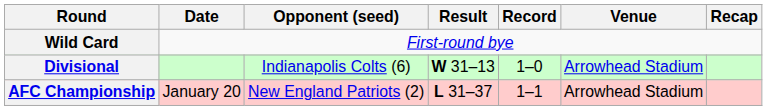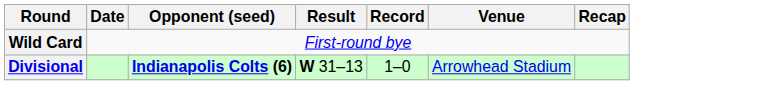 <table class="wikitable" style="text-align:center">
 <tr>
 <th>Round</th>
 <th>Date</th>
 <th>Opponent (seed)</th>
 <th>Result</th>
 <th>Record</th>
 <th>Venue</th>
 <th>Recap</th>
 </tr>
 <tr>
 <th>Wild Card</th>
 <td colspan="6"><em><a href='#'>First-round bye</a></em></td>
 </tr>
 <tr style="background:#cfc">
 <th><a href='#'>Divisional</a></th>
 <td></td>
-<td><a href='#'>Indianapolis Colts</a> (6)</td>
+<td><strong><a href='#'>Indianapolis Colts</a> (6)</strong></td>
 <td><strong>W</strong> 31–13</td>
 <td>1–0</td>
 <td><a href='#'>Arrowhead Stadium</a></td>
 <td></td>
 </tr>
-<tr style="background:#fcc">
-<th><a href='#'>AFC Championship</a></th>
-<td>January 20</td>
-<td><a href='#'>New England Patriots</a> (2)</td>
-<td><strong>L</strong> 31–37 </td>
-<td>1–1</td>
-<td>Arrowhead Stadium</td>
-<td></td>
-</tr>
 </table>
